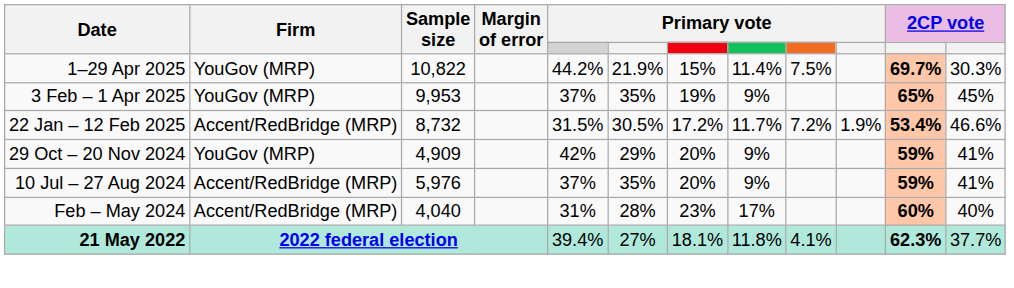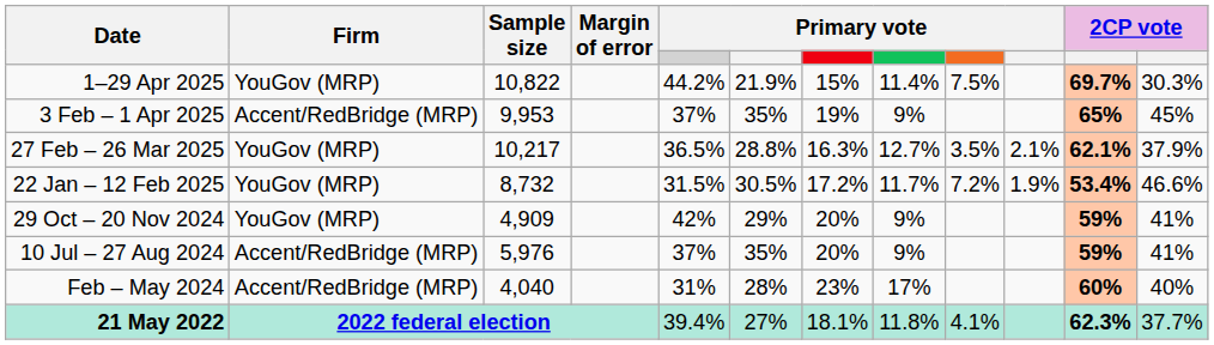 <table class="nowrap wikitable tpl-blanktable" style=text-align:center;font-size:90%>
 <tr>
 <th rowspan=2>Date</th>
 <th rowspan=2>Firm</th>
 <th rowspan=2>Sample<br>size</th>
 <th rowspan=2>Margin<br>of error</th>
 <th colspan=6>Primary vote</th>
 <th colspan=2 class=unsortable style=background:#ebbce3><a href='#'>2CP vote</a></th>
 </tr>
 <tr>
 <th style="background:lightgray"></th>
 <th style=background:></th>
 <th style="background:#F00011"></th>
 <th style=background:#10C25B></th>
 <th style=background:#f36c21></th>
 <th style="background:"></th>
 <th style=background:></th>
 <th style=background:></th>
 </tr>
 <tr>
 <td align=right>1–29 Apr 2025</td>
 <td align=left>YouGov (MRP)</td>
 <td>10,822</td>
 <td></td>
 <td>44.2%</td>
 <td>21.9%</td>
 <td>15%</td>
 <td>11.4%</td>
 <td>7.5%</td>
 <td></td>
 <th style="background:#FFC7A8">69.7%</th>
 <td>30.3%</td>
 </tr>
 <tr>
 <td align=right>3 Feb – 1 Apr 2025</td>
-<td align=left>YouGov (MRP)</td>
+<td align=left>Accent/RedBridge (MRP)</td>
 <td>9,953</td>
 <td></td>
 <td>37%</td>
 <td>35%</td>
 <td>19%</td>
 <td>9%</td>
 <td></td>
 <td></td>
 <th style="background:#FFC7A8">65%</th>
 <td>45%</td>
 </tr>
 <tr>
+<td align=right>27 Feb – 26 Mar 2025</td>
+<td align=left>YouGov (MRP)</td>
+<td>10,217</td>
+<td></td>
+<td>36.5%</td>
+<td>28.8%</td>
+<td>16.3%</td>
+<td>12.7%</td>
+<td>3.5%</td>
+<td>2.1%</td>
+<th style="background:#FFC7A8">62.1%</th>
+<td>37.9%</td>
+</tr>
+<tr>
 <td align=right>22 Jan – 12 Feb 2025</td>
-<td align=left>Accent/RedBridge (MRP)</td>
+<td align=left>YouGov (MRP)</td>
 <td>8,732</td>
 <td></td>
 <td>31.5%</td>
 <td>30.5%</td>
 <td>17.2%</td>
 <td>11.7%</td>
 <td>7.2%</td>
 <td>1.9%</td>
 <th style="background:#FFC7A8">53.4%</th>
 <td>46.6%</td>
 </tr>
 <tr>
 <td align=right>29 Oct – 20 Nov 2024</td>
 <td align=left>YouGov (MRP)</td>
 <td>4,909</td>
 <td></td>
 <td>42%</td>
 <td>29%</td>
 <td>20%</td>
 <td>9%</td>
 <td></td>
 <td></td>
 <th style="background:#FFC7A8">59%</th>
 <td>41%</td>
 </tr>
 <tr>
 <td align=right>10 Jul – 27 Aug 2024</td>
 <td align=left>Accent/RedBridge (MRP)</td>
 <td>5,976</td>
 <td></td>
 <td>37%</td>
 <td>35%</td>
 <td>20%</td>
 <td>9%</td>
 <td></td>
 <td></td>
 <th style="background:#FFC7A8">59%</th>
 <td>41%</td>
 </tr>
 <tr>
 <td align=right>Feb – May 2024</td>
 <td align=left>Accent/RedBridge (MRP)</td>
 <td>4,040</td>
 <td></td>
 <td>31%</td>
 <td>28%</td>
 <td>23%</td>
 <td>17%</td>
 <td></td>
 <td></td>
 <th style="background:#FFC7A8">60%</th>
 <td>40%</td>
 </tr>
 <tr style="background:#b0e9db">
 <td style="text-align:right" data-sort-value="21-May-2022"><strong>21 May 2022</strong></td>
 <td colspan="3" style="text-align:center"><strong><a href='#'>2022 federal election</a></strong></td>
 <td>39.4%</td>
 <td>27%</td>
 <td>18.1%</td>
 <td>11.8%</td>
 <td>4.1%</td>
 <td></td>
 <td><strong>62.3%</strong></td>
 <td>37.7%</td>
 </tr>
 </table>
